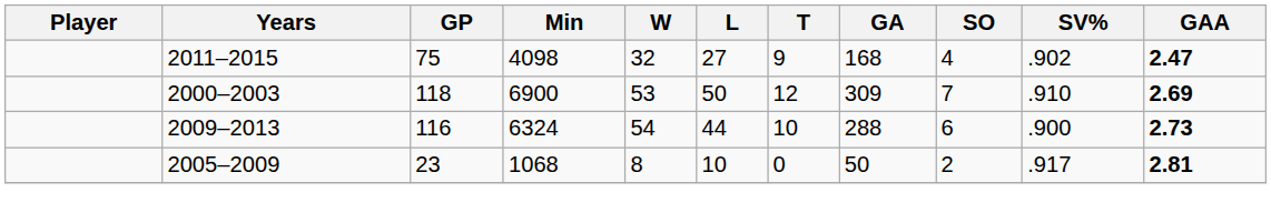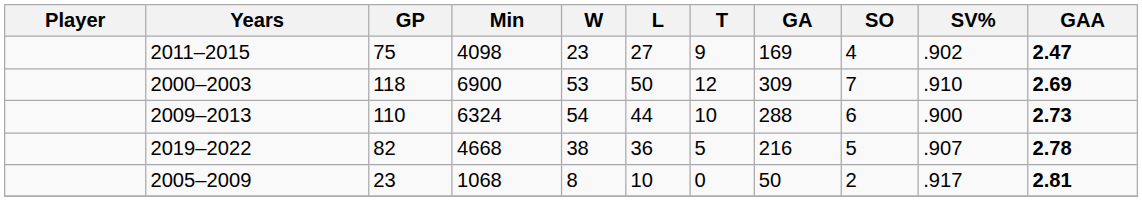 <table class="wikitable sortable" width = 900>
 <tr>
 <th>Player</th>
 <th>Years</th>
 <th>GP</th>
 <th>Min</th>
 <th>W</th>
 <th>L</th>
 <th>T</th>
 <th>GA</th>
 <th>SO</th>
 <th>SV%</th>
 <th>GAA</th>
 </tr>
 <tr>
 <td></td>
 <td>2011–2015</td>
 <td>75</td>
 <td>4098</td>
-<td>32</td>
+<td>23</td>
 <td>27</td>
 <td>9</td>
-<td>168</td>
+<td>169</td>
 <td>4</td>
 <td>.902</td>
 <td><strong>2.47</strong></td>
 </tr>
 <tr>
 <td></td>
 <td>2000–2003</td>
 <td>118</td>
 <td>6900</td>
 <td>53</td>
 <td>50</td>
 <td>12</td>
 <td>309</td>
 <td>7</td>
 <td>.910</td>
 <td><strong>2.69</strong></td>
 </tr>
 <tr>
 <td></td>
 <td>2009–2013</td>
-<td>116</td>
+<td>110</td>
 <td>6324</td>
 <td>54</td>
 <td>44</td>
 <td>10</td>
 <td>288</td>
 <td>6</td>
 <td>.900</td>
 <td><strong>2.73</strong></td>
+</tr>
+<tr>
+<td></td>
+<td>2019–2022</td>
+<td>82</td>
+<td>4668</td>
+<td>38</td>
+<td>36</td>
+<td>5</td>
+<td>216</td>
+<td>5</td>
+<td>.907</td>
+<td><strong>2.78</strong></td>
 </tr>
 <tr>
 <td></td>
 <td>2005–2009</td>
 <td>23</td>
 <td>1068</td>
 <td>8</td>
 <td>10</td>
 <td>0</td>
 <td>50</td>
 <td>2</td>
 <td>.917</td>
 <td><strong>2.81</strong></td>
 </tr>
 <tr>
 </tr>
 </table>
